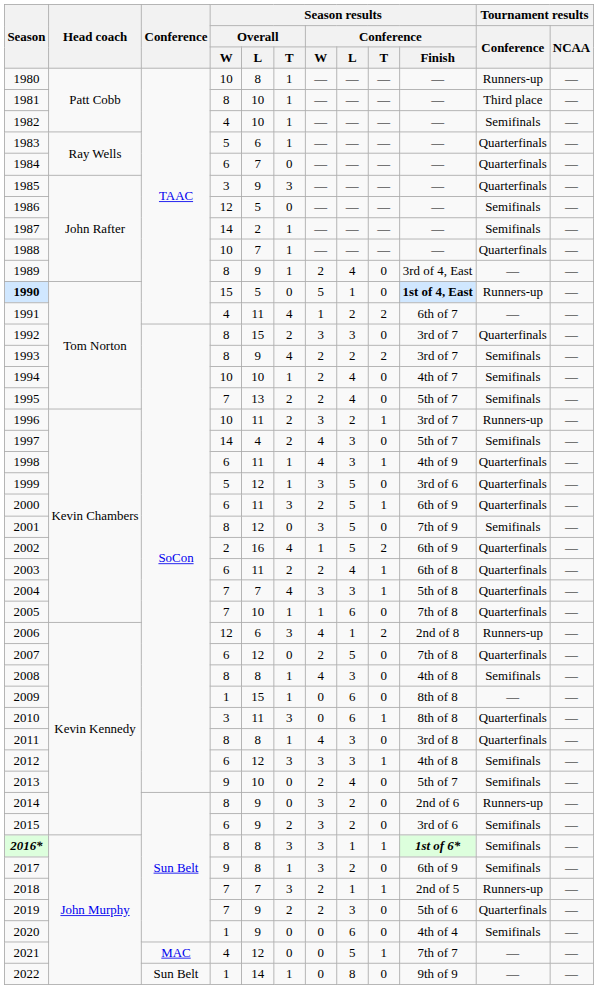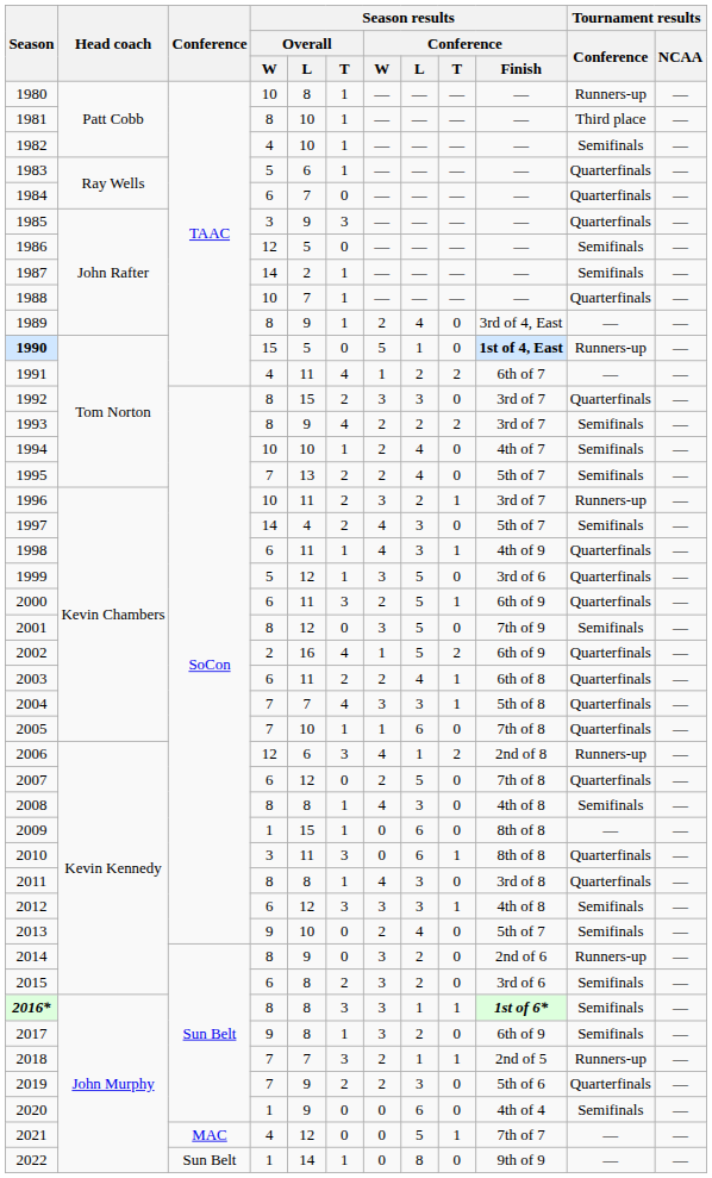 <table class="wikitable" style="font-size: 95%; text-align:center;">
 <tr>
 <th rowspan=3 ! width=px>Season</th>
 <th rowspan=3 ! width=px>Head coach</th>
 <th rowspan=3 ! width=px>Conference</th>
 <th colspan=7 ! width=px>Season results</th>
 <th colspan=2 ! width=px>Tournament results</th>
 </tr>
 <tr>
 <th colspan=3 ! width=px>Overall</th>
 <th colspan=4 ! width=px>Conference</th>
 <th rowspan=2 ! width=px>Conference</th>
 <th rowspan=2 ! width=px>NCAA</th>
 </tr>
 <tr>
 <th width=30>W</th>
 <th width=30>L</th>
 <th width=30>T</th>
 <th width=30>W</th>
 <th width=30>L</th>
 <th width=30>T</th>
 <th>Finish</th>
 </tr>
 <tr>
 <td>1980</td>
 <td rowspan="3">Patt Cobb</td>
 <td rowspan="12"><a href='#'>TAAC</a></td>
 <td>10</td>
 <td>8</td>
 <td>1</td>
 <td>—</td>
 <td>—</td>
 <td>—</td>
 <td>—</td>
 <td>Runners-up</td>
 <td>—</td>
 </tr>
 <tr>
 <td>1981</td>
 <td>8</td>
 <td>10</td>
 <td>1</td>
 <td>—</td>
 <td>—</td>
 <td>—</td>
 <td>—</td>
 <td>Third place</td>
 <td>—</td>
 </tr>
 <tr>
 <td>1982</td>
 <td>4</td>
 <td>10</td>
 <td>1</td>
 <td>—</td>
 <td>—</td>
 <td>—</td>
 <td>—</td>
 <td>Semifinals</td>
 <td>—</td>
 </tr>
 <tr>
 <td>1983</td>
 <td rowspan="2">Ray Wells</td>
 <td>5</td>
 <td>6</td>
 <td>1</td>
 <td>—</td>
 <td>—</td>
 <td>—</td>
 <td>—</td>
 <td>Quarterfinals</td>
 <td>—</td>
 </tr>
 <tr>
 <td>1984</td>
 <td>6</td>
 <td>7</td>
 <td>0</td>
 <td>—</td>
 <td>—</td>
 <td>—</td>
 <td>—</td>
 <td>Quarterfinals</td>
 <td>—</td>
 </tr>
 <tr>
 <td>1985</td>
 <td rowspan="5">John Rafter</td>
 <td>3</td>
 <td>9</td>
 <td>3</td>
 <td>—</td>
 <td>—</td>
 <td>—</td>
 <td>—</td>
 <td>Quarterfinals</td>
 <td>—</td>
 </tr>
 <tr>
 <td>1986</td>
 <td>12</td>
 <td>5</td>
 <td>0</td>
 <td>—</td>
 <td>—</td>
 <td>—</td>
 <td>—</td>
 <td>Semifinals</td>
 <td>—</td>
 </tr>
 <tr>
 <td>1987</td>
 <td>14</td>
 <td>2</td>
 <td>1</td>
 <td>—</td>
 <td>—</td>
 <td>—</td>
 <td>—</td>
 <td>Semifinals</td>
 <td>—</td>
 </tr>
 <tr>
 <td>1988</td>
 <td>10</td>
 <td>7</td>
 <td>1</td>
 <td>—</td>
 <td>—</td>
 <td>—</td>
 <td>—</td>
 <td>Quarterfinals</td>
 <td>—</td>
 </tr>
 <tr>
 <td>1989</td>
 <td>8</td>
 <td>9</td>
 <td>1</td>
 <td>2</td>
 <td>4</td>
 <td>0</td>
 <td>3rd of 4, East</td>
 <td>—</td>
 <td>—</td>
 </tr>
 <tr>
 <td bgcolor="#D0E7FF"><strong>1990</strong></td>
 <td rowspan="6">Tom Norton</td>
 <td>15</td>
 <td>5</td>
 <td>0</td>
 <td>5</td>
 <td>1</td>
 <td>0</td>
 <td bgcolor="#D0E7FF"><strong>1st of 4, East</strong></td>
 <td>Runners-up</td>
 <td>—</td>
 </tr>
 <tr>
 <td>1991</td>
 <td>4</td>
 <td>11</td>
 <td>4</td>
 <td>1</td>
 <td>2</td>
 <td>2</td>
 <td>6th of 7</td>
 <td>—</td>
 <td>—</td>
 </tr>
 <tr>
 <td>1992</td>
 <td rowspan="22"><a href='#'>SoCon</a></td>
 <td>8</td>
 <td>15</td>
 <td>2</td>
 <td>3</td>
 <td>3</td>
 <td>0</td>
 <td>3rd of 7</td>
 <td>Quarterfinals</td>
 <td>—</td>
 </tr>
 <tr>
 <td>1993</td>
 <td>8</td>
 <td>9</td>
 <td>4</td>
 <td>2</td>
 <td>2</td>
 <td>2</td>
 <td>3rd of 7</td>
 <td>Semifinals</td>
 <td>—</td>
 </tr>
 <tr>
 <td>1994</td>
 <td>10</td>
 <td>10</td>
 <td>1</td>
 <td>2</td>
 <td>4</td>
 <td>0</td>
 <td>4th of 7</td>
 <td>Semifinals</td>
 <td>—</td>
 </tr>
 <tr>
 <td>1995</td>
 <td>7</td>
 <td>13</td>
 <td>2</td>
 <td>2</td>
 <td>4</td>
 <td>0</td>
 <td>5th of 7</td>
 <td>Semifinals</td>
 <td>—</td>
 </tr>
 <tr>
 <td>1996</td>
 <td rowspan="10">Kevin Chambers</td>
 <td>10</td>
 <td>11</td>
 <td>2</td>
 <td>3</td>
 <td>2</td>
 <td>1</td>
 <td>3rd of 7</td>
 <td>Runners-up</td>
 <td>—</td>
 </tr>
 <tr>
 <td>1997</td>
 <td>14</td>
 <td>4</td>
 <td>2</td>
 <td>4</td>
 <td>3</td>
 <td>0</td>
 <td>5th of 7</td>
 <td>Semifinals</td>
 <td>—</td>
 </tr>
 <tr>
 <td>1998</td>
 <td>6</td>
 <td>11</td>
 <td>1</td>
 <td>4</td>
 <td>3</td>
 <td>1</td>
 <td>4th of 9</td>
 <td>Quarterfinals</td>
 <td>—</td>
 </tr>
 <tr>
 <td>1999</td>
 <td>5</td>
 <td>12</td>
 <td>1</td>
 <td>3</td>
 <td>5</td>
 <td>0</td>
 <td>3rd of 6</td>
 <td>Quarterfinals</td>
 <td>—</td>
 </tr>
 <tr>
 <td>2000</td>
 <td>6</td>
 <td>11</td>
 <td>3</td>
 <td>2</td>
 <td>5</td>
 <td>1</td>
 <td>6th of 9</td>
 <td>Quarterfinals</td>
 <td>—</td>
 </tr>
 <tr>
 <td>2001</td>
 <td>8</td>
 <td>12</td>
 <td>0</td>
 <td>3</td>
 <td>5</td>
 <td>0</td>
 <td>7th of 9</td>
 <td>Semifinals</td>
 <td>—</td>
 </tr>
 <tr>
 <td>2002</td>
 <td>2</td>
 <td>16</td>
 <td>4</td>
 <td>1</td>
 <td>5</td>
 <td>2</td>
 <td>6th of 9</td>
 <td>Quarterfinals</td>
 <td>—</td>
 </tr>
 <tr>
 <td>2003</td>
 <td>6</td>
 <td>11</td>
 <td>2</td>
 <td>2</td>
 <td>4</td>
 <td>1</td>
 <td>6th of 8</td>
 <td>Quarterfinals</td>
 <td>—</td>
 </tr>
 <tr>
 <td>2004</td>
 <td>7</td>
 <td>7</td>
 <td>4</td>
 <td>3</td>
 <td>3</td>
 <td>1</td>
 <td>5th of 8</td>
 <td>Quarterfinals</td>
 <td>—</td>
 </tr>
 <tr>
 <td>2005</td>
 <td>7</td>
 <td>10</td>
 <td>1</td>
 <td>1</td>
 <td>6</td>
 <td>0</td>
 <td>7th of 8</td>
 <td>Quarterfinals</td>
 <td>—</td>
 </tr>
 <tr>
 <td>2006</td>
 <td rowspan="10">Kevin Kennedy</td>
 <td>12</td>
 <td>6</td>
 <td>3</td>
 <td>4</td>
 <td>1</td>
 <td>2</td>
 <td>2nd of 8</td>
 <td>Runners-up</td>
 <td>—</td>
 </tr>
 <tr>
 <td>2007</td>
 <td>6</td>
 <td>12</td>
 <td>0</td>
 <td>2</td>
 <td>5</td>
 <td>0</td>
 <td>7th of 8</td>
 <td>Quarterfinals</td>
 <td>—</td>
 </tr>
 <tr>
 <td>2008</td>
 <td>8</td>
 <td>8</td>
 <td>1</td>
 <td>4</td>
 <td>3</td>
 <td>0</td>
 <td>4th of 8</td>
 <td>Semifinals</td>
 <td>—</td>
 </tr>
 <tr>
 <td>2009</td>
 <td>1</td>
 <td>15</td>
 <td>1</td>
 <td>0</td>
 <td>6</td>
 <td>0</td>
 <td>8th of 8</td>
 <td>—</td>
 <td>—</td>
 </tr>
 <tr>
 <td>2010</td>
 <td>3</td>
 <td>11</td>
 <td>3</td>
 <td>0</td>
 <td>6</td>
 <td>1</td>
 <td>8th of 8</td>
 <td>Quarterfinals</td>
 <td>—</td>
 </tr>
 <tr>
 <td>2011</td>
 <td>8</td>
 <td>8</td>
 <td>1</td>
 <td>4</td>
 <td>3</td>
 <td>0</td>
 <td>3rd of 8</td>
 <td>Quarterfinals</td>
 <td>—</td>
 </tr>
 <tr>
 <td>2012</td>
 <td>6</td>
 <td>12</td>
 <td>3</td>
 <td>3</td>
 <td>3</td>
 <td>1</td>
 <td>4th of 8</td>
 <td>Semifinals</td>
 <td>—</td>
 </tr>
 <tr>
 <td>2013</td>
 <td>9</td>
 <td>10</td>
 <td>0</td>
 <td>2</td>
 <td>4</td>
 <td>0</td>
 <td>5th of 7</td>
 <td>Semifinals</td>
 <td>—</td>
 </tr>
 <tr>
 <td>2014</td>
 <td rowspan=7><a href='#'>Sun Belt</a></td>
 <td>8</td>
 <td>9</td>
 <td>0</td>
 <td>3</td>
 <td>2</td>
 <td>0</td>
 <td>2nd of 6</td>
 <td>Runners-up</td>
 <td>—</td>
 </tr>
 <tr>
 <td>2015</td>
 <td>6</td>
-<td>9</td>
+<td>8</td>
 <td>2</td>
 <td>3</td>
 <td>2</td>
 <td>0</td>
 <td>3rd of 6</td>
 <td>Semifinals</td>
 <td>—</td>
 </tr>
 <tr>
 <td bgcolor="#ddffdd"><strong><em>2016*</em></strong></td>
 <td rowspan=7><a href='#'>John Murphy</a></td>
 <td>8</td>
 <td>8</td>
 <td>3</td>
 <td>3</td>
 <td>1</td>
 <td>1</td>
 <td bgcolor="#ddffdd"><strong><em>1st of 6*</em></strong></td>
 <td>Semifinals</td>
 <td>—</td>
 </tr>
 <tr>
 <td>2017</td>
 <td>9</td>
 <td>8</td>
 <td>1</td>
 <td>3</td>
 <td>2</td>
 <td>0</td>
 <td>6th of 9</td>
 <td>Semifinals</td>
 <td>—</td>
 </tr>
 <tr>
 <td>2018</td>
 <td>7</td>
 <td>7</td>
 <td>3</td>
 <td>2</td>
 <td>1</td>
 <td>1</td>
 <td>2nd of 5</td>
 <td>Runners-up</td>
 <td>—</td>
 </tr>
 <tr>
 <td>2019</td>
 <td>7</td>
 <td>9</td>
 <td>2</td>
 <td>2</td>
 <td>3</td>
 <td>0</td>
 <td>5th of 6</td>
 <td>Quarterfinals</td>
 <td>—</td>
 </tr>
 <tr>
 <td>2020</td>
 <td>1</td>
 <td>9</td>
 <td>0</td>
 <td>0</td>
 <td>6</td>
 <td>0</td>
 <td>4th of 4</td>
 <td>Semifinals</td>
 <td>—</td>
 </tr>
 <tr>
 <td>2021</td>
 <td><a href='#'>MAC</a></td>
 <td>4</td>
 <td>12</td>
 <td>0</td>
 <td>0</td>
 <td>5</td>
 <td>1</td>
 <td>7th of 7</td>
 <td>—</td>
 <td>—</td>
 </tr>
 <tr>
 <td>2022</td>
 <td>Sun Belt</td>
 <td>1</td>
 <td>14</td>
 <td>1</td>
 <td>0</td>
 <td>8</td>
 <td>0</td>
 <td>9th of 9</td>
 <td>—</td>
 <td>—</td>
 </tr>
 </table>
